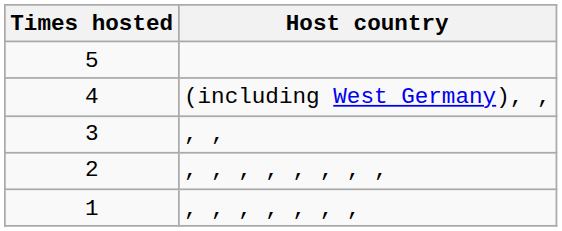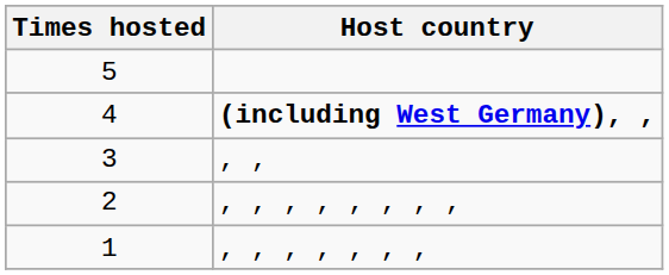 <table class="wikitable">
 <tr>
 <th>Times hosted</th>
 <th>Host country</th>
 </tr>
 <tr>
 <td align="center">5</td>
 <td></td>
 </tr>
 <tr>
 <td align="center">4</td>
-<td> (including <a href='#'>West Germany</a>), , </td>
+<td><strong> (including <a href='#'>West Germany</a>), , </strong></td>
 </tr>
 <tr>
 <td align=center>3</td>
 <td>, , </td>
 </tr>
 <tr>
 <td align=center>2</td>
 <td>, , , , , , , , </td>
 </tr>
 <tr>
 <td align=center>1</td>
 <td>, , , , , , , </td>
 </tr>
 </table>
